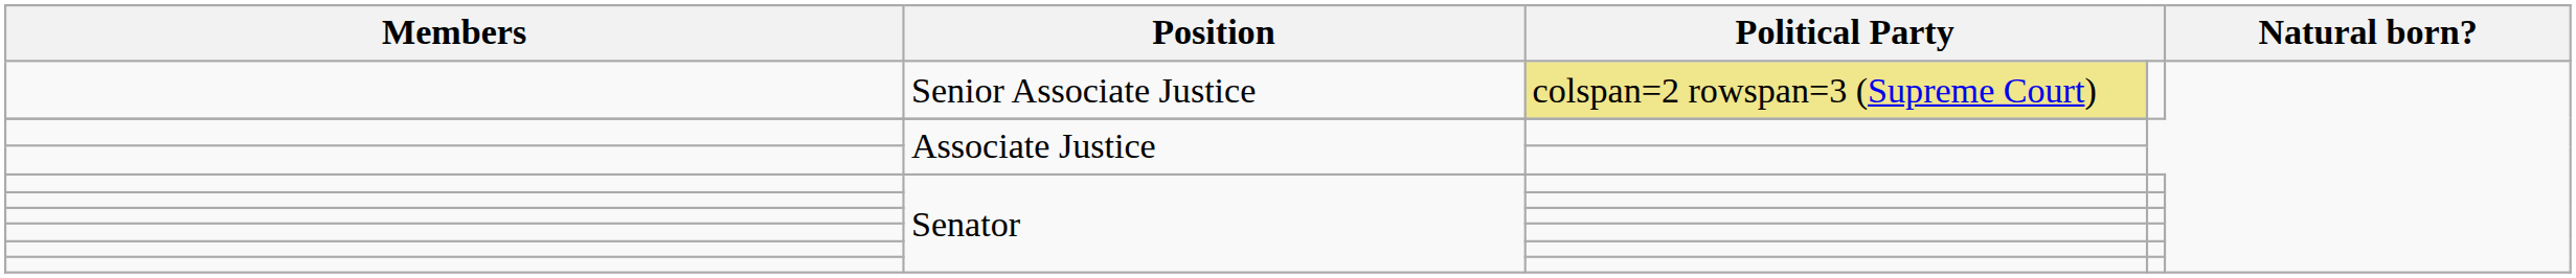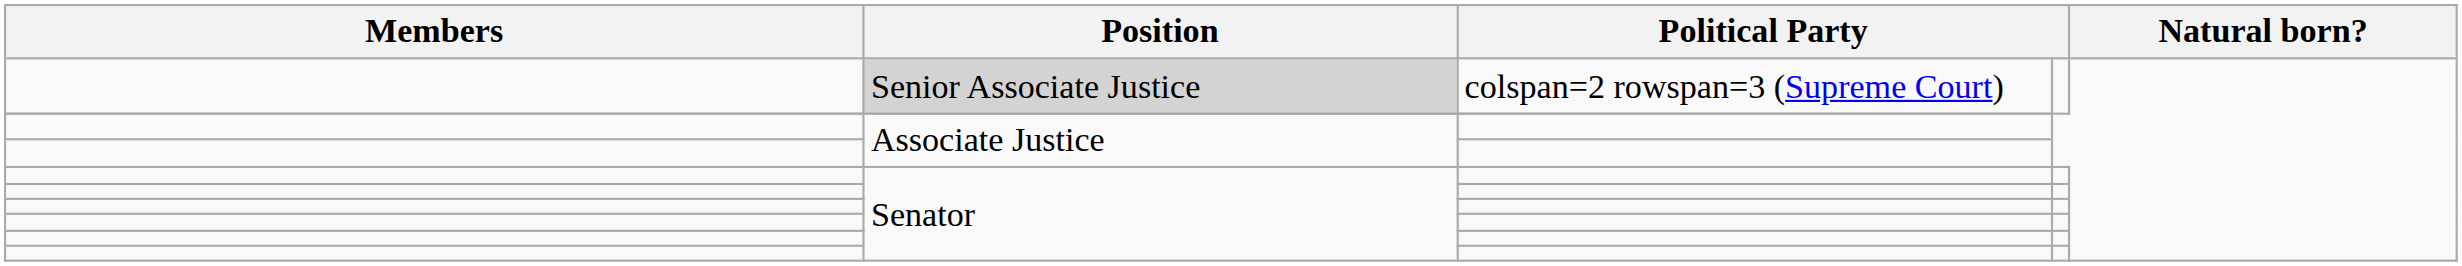 <table class="wikitable sortable">
 <tr>
 <th width=35%>Members</th>
 <th>Position</th>
 <th colspan=2 width=25%>Political Party</th>
 <th>Natural born?</th>
 </tr>
 <tr>
 <td></td>
-<td>Senior Associate Justice</td>
-<td style="background: khaki;">colspan=2 rowspan=3  (<a href='#'>Supreme Court</a>)</td>
+<td style="background: lightgrey;">Senior Associate Justice</td>
+<td>colspan=2 rowspan=3  (<a href='#'>Supreme Court</a>)</td>
 <td></td>
 </tr>
 <tr>
 </tr>
 <tr>
 <td></td>
 <td rowspan=2>Associate Justice</td>
 <td></td>
 </tr>
 <tr>
 <td></td>
 <td></td>
 </tr>
 <tr>
 <td></td>
 <td rowspan=6>Senator</td>
 <td></td>
 <td></td>
 </tr>
 <tr>
 <td></td>
 <td></td>
 <td></td>
 </tr>
 <tr>
 <td></td>
 <td></td>
 <td></td>
 </tr>
 <tr>
 <td></td>
 <td></td>
 <td></td>
 </tr>
 <tr>
 <td></td>
 <td></td>
 <td></td>
 </tr>
 <tr>
 <td></td>
 <td></td>
 <td></td>
 </tr>
 </table>
